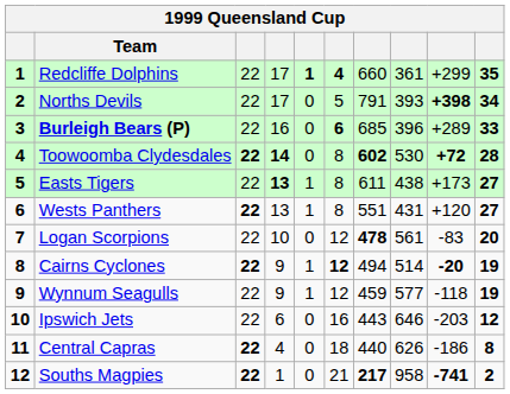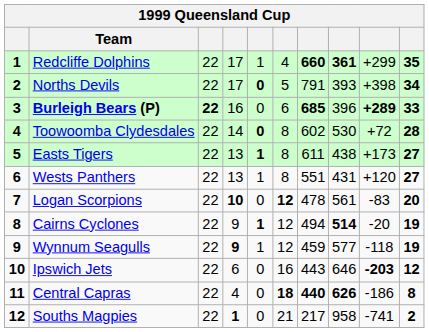 <table class="wikitable" style="text-align:center;">
 <tr>
 <th colspan="11">1999 Queensland Cup</th>
 </tr>
 <tr>
 <th width="20"></th>
 <th>Team</th>
 <th width="20"></th>
 <th width="20"></th>
 <th width="20"></th>
 <th width="20"></th>
 <th width="25"></th>
 <th width="25"></th>
 <th width="30"></th>
 <th width="20"></th>
 </tr>
 <tr style="background: #ccffcc;">
 <td><strong>1</strong></td>
 <td style="text-align:left;"> <a href='#'>Redcliffe Dolphins</a></td>
 <td>22</td>
 <td>17</td>
-<td><strong>1</strong></td>
-<td><strong>4</strong></td>
-<td>660</td>
-<td>361</td>
+<td>1</td>
+<td>4</td>
+<td><strong>660</strong></td>
+<td><strong>361</strong></td>
 <td>+299</td>
 <td><strong>35</strong></td>
 </tr>
 <tr style="background: #ccffcc;">
 <td><strong>2</strong></td>
 <td style="text-align:left;"> <a href='#'>Norths Devils</a></td>
 <td>22</td>
 <td>17</td>
-<td>0</td>
+<td><strong>0</strong></td>
 <td>5</td>
 <td>791</td>
 <td>393</td>
-<td><strong>+398</strong></td>
+<td>+398</td>
 <td><strong>34</strong></td>
 </tr>
 <tr style="background: #ccffcc;">
 <td><strong>3</strong></td>
 <td style="text-align:left;"> <strong><a href='#'>Burleigh Bears</a> (P)</strong></td>
-<td>22</td>
+<td><strong>22</strong></td>
 <td>16</td>
 <td>0</td>
-<td><strong>6</strong></td>
-<td>685</td>
+<td>6</td>
+<td><strong>685</strong></td>
 <td>396</td>
-<td>+289</td>
+<td><strong>+289</strong></td>
 <td><strong>33</strong></td>
 </tr>
 <tr style="background: #ccffcc;">
 <td><strong>4</strong></td>
 <td style="text-align:left;"> <a href='#'>Toowoomba Clydesdales</a></td>
-<td><strong>22</strong></td>
-<td><strong>14</strong></td>
-<td>0</td>
+<td>22</td>
+<td>14</td>
+<td><strong>0</strong></td>
 <td>8</td>
-<td><strong>602</strong></td>
+<td>602</td>
 <td>530</td>
-<td><strong>+72</strong></td>
+<td>+72</td>
 <td><strong>28</strong></td>
 </tr>
 <tr style="background: #ccffcc;">
 <td><strong>5</strong></td>
 <td style="text-align:left;"> <a href='#'>Easts Tigers</a></td>
 <td>22</td>
-<td><strong>13</strong></td>
-<td>1</td>
+<td>13</td>
+<td><strong>1</strong></td>
 <td>8</td>
 <td>611</td>
 <td>438</td>
 <td>+173</td>
 <td><strong>27</strong></td>
 </tr>
 <tr style="background:">
 <td><strong>6</strong></td>
 <td style="text-align:left;"> <a href='#'>Wests Panthers</a></td>
-<td><strong>22</strong></td>
+<td>22</td>
 <td>13</td>
 <td>1</td>
 <td>8</td>
 <td>551</td>
 <td>431</td>
 <td>+120</td>
 <td><strong>27</strong></td>
 </tr>
 <tr style="background:">
 <td><strong>7</strong></td>
 <td style="text-align:left;"> <a href='#'>Logan Scorpions</a></td>
 <td>22</td>
-<td>10</td>
+<td><strong>10</strong></td>
 <td>0</td>
-<td>12</td>
-<td><strong>478</strong></td>
+<td><strong>12</strong></td>
+<td>478</td>
 <td>561</td>
 <td>-83</td>
 <td><strong>20</strong></td>
 </tr>
 <tr style="background:">
 <td><strong>8</strong></td>
 <td style="text-align:left;"> <a href='#'>Cairns Cyclones</a></td>
-<td><strong>22</strong></td>
+<td>22</td>
 <td>9</td>
-<td>1</td>
-<td><strong>12</strong></td>
+<td><strong>1</strong></td>
+<td>12</td>
 <td>494</td>
-<td>514</td>
-<td><strong>-20</strong></td>
+<td><strong>514</strong></td>
+<td>-20</td>
 <td><strong>19</strong></td>
 </tr>
 <tr style="background:">
 <td><strong>9</strong></td>
 <td style="text-align:left;"> <a href='#'>Wynnum Seagulls</a></td>
 <td>22</td>
-<td>9</td>
+<td><strong>9</strong></td>
 <td>1</td>
 <td>12</td>
 <td>459</td>
 <td>577</td>
 <td>-118</td>
 <td><strong>19</strong></td>
 </tr>
 <tr style="background:">
 <td><strong>10</strong></td>
 <td style="text-align:left;"> <a href='#'>Ipswich Jets</a></td>
 <td>22</td>
 <td>6</td>
 <td>0</td>
 <td>16</td>
 <td>443</td>
 <td>646</td>
-<td>-203</td>
+<td><strong>-203</strong></td>
 <td><strong>12</strong></td>
 </tr>
 <tr style="background:">
 <td><strong>11</strong></td>
 <td style="text-align:left;"> <a href='#'>Central Capras</a></td>
-<td><strong>22</strong></td>
+<td>22</td>
 <td>4</td>
 <td>0</td>
-<td>18</td>
-<td>440</td>
-<td>626</td>
+<td><strong>18</strong></td>
+<td><strong>440</strong></td>
+<td><strong>626</strong></td>
 <td>-186</td>
 <td><strong>8</strong></td>
 </tr>
 <tr style="background:">
 <td><strong>12</strong></td>
 <td style="text-align:left;"> <a href='#'>Souths Magpies</a></td>
-<td><strong>22</strong></td>
-<td>1</td>
+<td>22</td>
+<td><strong>1</strong></td>
 <td>0</td>
 <td>21</td>
-<td><strong>217</strong></td>
+<td>217</td>
 <td>958</td>
-<td><strong>-741</strong></td>
+<td>-741</td>
 <td><strong>2</strong></td>
 </tr>
 </table>
